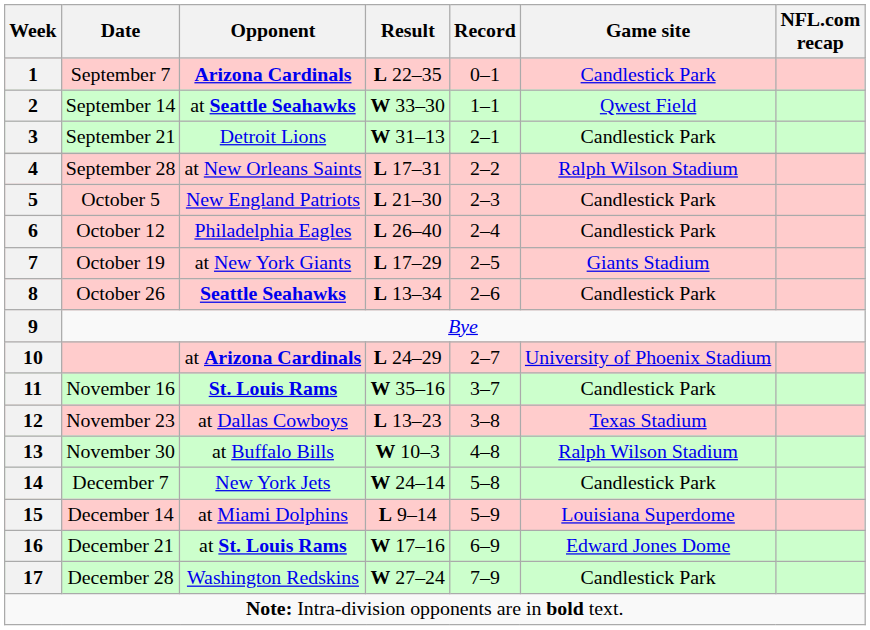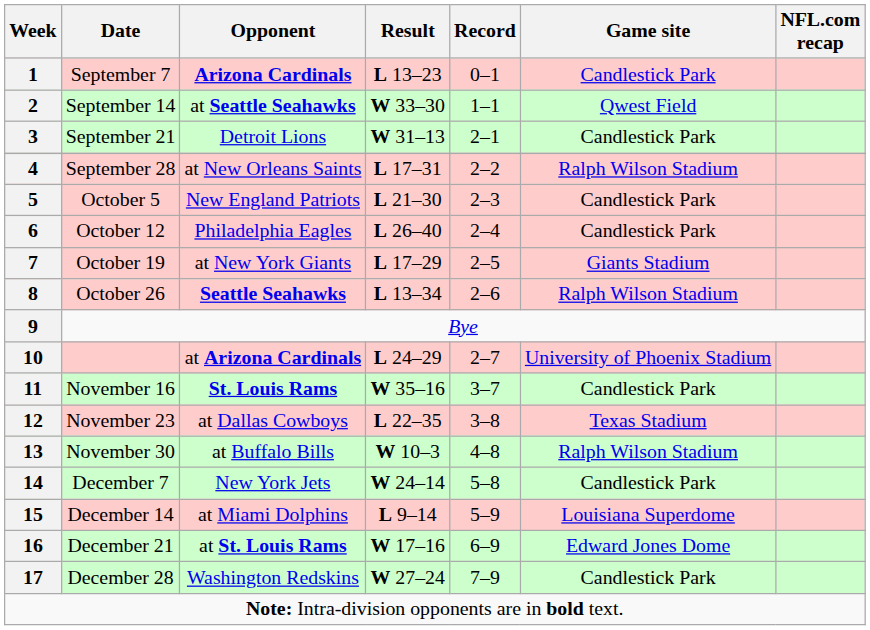 <table class="wikitable" style="text-align:center">
 <tr>
 <th>Week</th>
 <th>Date</th>
 <th>Opponent</th>
 <th>Result</th>
 <th>Record</th>
 <th>Game site</th>
 <th>NFL.com<br>recap</th>
 </tr>
 <tr style="background:#fcc">
 <th>1</th>
 <td>September 7</td>
 <td><strong> <a href='#'>Arizona Cardinals</a></strong></td>
-<td><strong>L</strong>  22–35</td>
+<td><strong>L</strong> 13–23</td>
 <td>0–1</td>
 <td><a href='#'>Candlestick Park</a></td>
 <td></td>
 </tr>
 <tr style="background:#cfc">
 <th>2</th>
 <td>September 14</td>
 <td>at <strong><a href='#'>Seattle Seahawks</a></strong></td>
 <td><strong>W</strong> 33–30 </td>
 <td>1–1</td>
 <td><a href='#'>Qwest Field</a></td>
 <td></td>
 </tr>
 <tr style="background:#cfc">
 <th>3</th>
 <td>September 21</td>
 <td><a href='#'>Detroit Lions</a></td>
 <td><strong>W</strong> 31–13</td>
 <td>2–1</td>
 <td>Candlestick Park</td>
 <td></td>
 </tr>
 <tr>
 </tr>
 <tr style="background:#fcc">
 <th>4</th>
 <td>September 28</td>
 <td>at <a href='#'>New Orleans Saints</a></td>
 <td><strong>L</strong> 17–31</td>
 <td>2–2</td>
 <td><a href='#'>Ralph Wilson Stadium</a></td>
 <td></td>
 </tr>
 <tr style="background:#fcc">
 <th>5</th>
 <td>October 5</td>
 <td><a href='#'>New England Patriots</a></td>
 <td><strong>L</strong>  21–30</td>
 <td>2–3</td>
 <td>Candlestick Park</td>
 <td></td>
 </tr>
 <tr style="background:#fcc">
 <th>6</th>
 <td>October 12</td>
 <td><a href='#'>Philadelphia Eagles</a></td>
 <td><strong>L</strong> 26–40</td>
 <td>2–4</td>
 <td>Candlestick Park</td>
 <td></td>
 </tr>
 <tr style="background:#fcc">
 <th>7</th>
 <td>October 19</td>
 <td>at <a href='#'>New York Giants</a></td>
 <td><strong>L</strong> 17–29</td>
 <td>2–5</td>
 <td><a href='#'>Giants Stadium</a></td>
 <td></td>
 </tr>
 <tr style="background:#fcc">
 <th>8</th>
 <td>October 26</td>
 <td><strong><a href='#'>Seattle Seahawks</a></strong></td>
 <td><strong>L</strong> 13–34</td>
 <td>2–6</td>
-<td>Candlestick Park</td>
+<td><a href='#'>Ralph Wilson Stadium</a></td>
 <td></td>
 </tr>
 <tr>
 <th>9</th>
 <td colspan=7><em><a href='#'>Bye</a></em></td>
 </tr>
 <tr style="background: #fcc;">
 <th>10</th>
 <td></td>
 <td>at <strong><a href='#'>Arizona Cardinals</a></strong></td>
 <td><strong>L</strong> 24–29</td>
 <td>2–7</td>
 <td><a href='#'>University of Phoenix Stadium</a></td>
 <td></td>
 </tr>
 <tr style="background:#cfc">
 <th>11</th>
 <td>November 16</td>
 <td><strong><a href='#'>St. Louis Rams</a></strong></td>
 <td><strong>W</strong> 35–16</td>
 <td>3–7</td>
 <td>Candlestick Park</td>
 <td></td>
 </tr>
 <tr style="background:#fcc">
 <th>12</th>
 <td>November 23</td>
 <td>at <a href='#'>Dallas Cowboys</a></td>
-<td><strong>L</strong> 13–23</td>
+<td><strong>L</strong>  22–35</td>
 <td>3–8</td>
 <td><a href='#'>Texas Stadium</a></td>
 <td></td>
 </tr>
 <tr style="background:#cfc">
 <th>13</th>
 <td>November 30</td>
 <td>at <a href='#'>Buffalo Bills</a></td>
 <td><strong>W</strong> 10–3</td>
 <td>4–8</td>
 <td><a href='#'>Ralph Wilson Stadium</a></td>
 <td></td>
 </tr>
 <tr style="background:#cfc">
 <th>14</th>
 <td>December 7</td>
 <td><a href='#'>New York Jets</a></td>
 <td><strong>W</strong>  24–14</td>
 <td>5–8</td>
 <td>Candlestick Park</td>
 <td></td>
 </tr>
 <tr style="background:#fcc">
 <th>15</th>
 <td>December 14</td>
 <td>at <a href='#'>Miami Dolphins</a></td>
 <td><strong>L</strong>  9–14</td>
 <td>5–9</td>
 <td><a href='#'>Louisiana Superdome</a></td>
 <td></td>
 </tr>
 <tr style="background: #cfc;">
 <th>16</th>
 <td>December 21</td>
 <td>at <strong><a href='#'>St. Louis Rams</a></strong></td>
 <td><strong>W</strong> 17–16</td>
 <td>6–9</td>
 <td><a href='#'>Edward Jones Dome</a></td>
 <td></td>
 </tr>
 <tr style="background:#cfc">
 <th>17</th>
 <td>December 28</td>
 <td><a href='#'>Washington Redskins</a></td>
 <td><strong>W</strong> 27–24</td>
 <td>7–9</td>
 <td>Candlestick Park</td>
 <td></td>
 </tr>
 <tr>
 <td colspan="8"><strong>Note:</strong> Intra-division opponents are in <strong>bold</strong> text.</td>
 </tr>
 </table>
